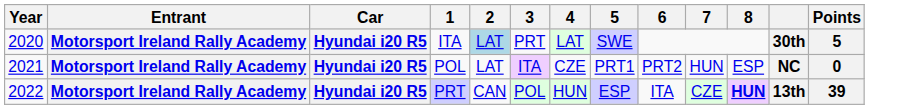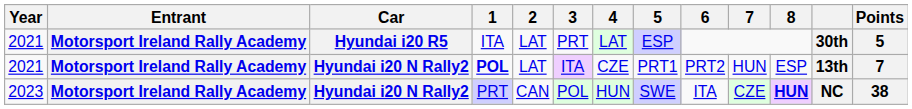 <table class="wikitable" style="text-align:center; font-size:85%">
 <tr>
 <th>Year</th>
 <th>Entrant</th>
 <th>Car</th>
 <th>1</th>
 <th>2</th>
 <th>3</th>
 <th>4</th>
 <th>5</th>
 <th>6</th>
 <th>7</th>
 <th>8</th>
 <th></th>
 <th>Points</th>
 </tr>
 <tr>
-<td><a href='#'>2020</a></td>
+<td><a href='#'>2021</a></td>
 <th nowrap><a href='#'>Motorsport Ireland Rally Academy</a></th>
 <th nowrap><a href='#'>Hyundai i20 R5</a></th>
 <td><a href='#'>ITA</a></td>
-<td style="background: lightblue;"><a href='#'>LAT</a></td>
+<td><a href='#'>LAT</a></td>
 <td><a href='#'>PRT</a></td>
 <td style="background:#DFFFDF"><a href='#'>LAT</a><br></td>
-<td style="background:#CFCFFF"><a href='#'>SWE</a><br></td>
+<td style="background:#CFCFFF"><a href='#'>ESP</a><br></td>
 <td colspan=3></td>
 <th>30th</th>
 <th>5</th>
 </tr>
 <tr>
 <td><a href='#'>2021</a></td>
 <th nowrap><a href='#'>Motorsport Ireland Rally Academy</a></th>
-<th nowrap><a href='#'>Hyundai i20 R5</a></th>
-<td><a href='#'>POL</a></td>
+<th nowrap><a href='#'>Hyundai i20 N Rally2</a></th>
+<td><strong><a href='#'>POL</a></strong></td>
 <td><a href='#'>LAT</a></td>
 <td style="background:#EFCFFF"><a href='#'>ITA</a><br></td>
 <td><a href='#'>CZE</a></td>
 <td><a href='#'>PRT1</a></td>
 <td><a href='#'>PRT2</a></td>
 <td><a href='#'>HUN</a></td>
 <td><a href='#'>ESP</a></td>
-<th>NC</th>
-<th>0</th>
+<th>13th</th>
+<th>7</th>
 </tr>
 <tr>
-<td><a href='#'>2022</a></td>
+<td><a href='#'>2023</a></td>
 <th nowrap><a href='#'>Motorsport Ireland Rally Academy</a></th>
-<th nowrap><a href='#'>Hyundai i20 R5</a></th>
+<th nowrap><a href='#'>Hyundai i20 N Rally2</a></th>
 <td style="background:#CFCFFF"><a href='#'>PRT</a><br></td>
 <td><a href='#'>CAN</a></td>
 <td style="background:#DFFFDF"><a href='#'>POL</a><br></td>
 <td style="background:#DFFFDF"><a href='#'>HUN</a><br></td>
-<td style="background:#CFCFFF"><a href='#'>ESP</a><br></td>
+<td style="background:#CFCFFF"><a href='#'>SWE</a><br></td>
 <td><a href='#'>ITA</a></td>
 <td style="background:#DFFFDF"><a href='#'>CZE</a><br></td>
 <td style="background:#EFCFFF"><strong><a href='#'>HUN</a><br></strong></td>
-<th>13th</th>
-<th>39</th>
+<th>NC</th>
+<th>38</th>
 </tr>
 </table>
